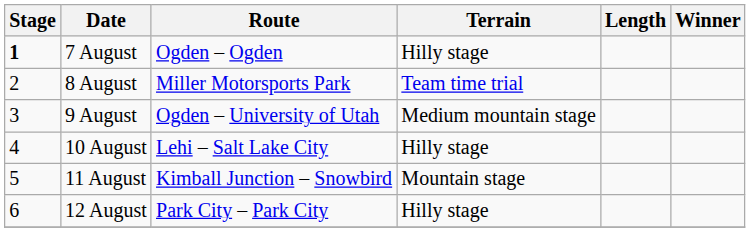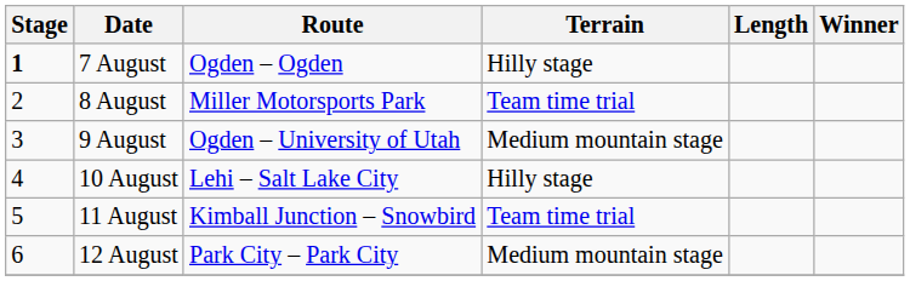 <table class="wikitable">
 <tr>
 <th>Stage</th>
 <th>Date</th>
 <th>Route</th>
 <th>Terrain</th>
 <th>Length</th>
 <th>Winner</th>
 </tr>
 <tr>
 <td style="align:center;"><strong>1</strong></td>
 <td>7 August</td>
 <td><a href='#'>Ogden</a> – <a href='#'>Ogden</a></td>
 <td> Hilly stage</td>
 <td></td>
 <td></td>
 </tr>
 <tr>
 <td style="align:center;">2</td>
 <td>8 August</td>
 <td><a href='#'>Miller Motorsports Park</a></td>
 <td> <a href='#'>Team time trial</a></td>
 <td></td>
 <td></td>
 </tr>
 <tr>
 <td style="align:center;">3</td>
 <td>9 August</td>
 <td><a href='#'>Ogden</a> – <a href='#'>University of Utah</a></td>
 <td> Medium mountain stage</td>
 <td></td>
 <td></td>
 </tr>
 <tr>
 <td style="align:center;">4</td>
 <td>10 August</td>
 <td><a href='#'>Lehi</a> – <a href='#'>Salt Lake City</a></td>
 <td> Hilly stage</td>
 <td></td>
 <td></td>
 </tr>
 <tr>
 <td style="align:center;">5</td>
 <td>11 August</td>
 <td><a href='#'>Kimball Junction</a> – <a href='#'>Snowbird</a></td>
-<td> Mountain stage</td>
+<td> <a href='#'>Team time trial</a></td>
 <td></td>
 <td></td>
 </tr>
 <tr>
 <td style="align:center;">6</td>
 <td>12 August</td>
 <td><a href='#'>Park City</a> – <a href='#'>Park City</a></td>
-<td> Hilly stage</td>
+<td> Medium mountain stage</td>
 <td></td>
 <td></td>
 </tr>
 <tr>
 </tr>
 </table>
